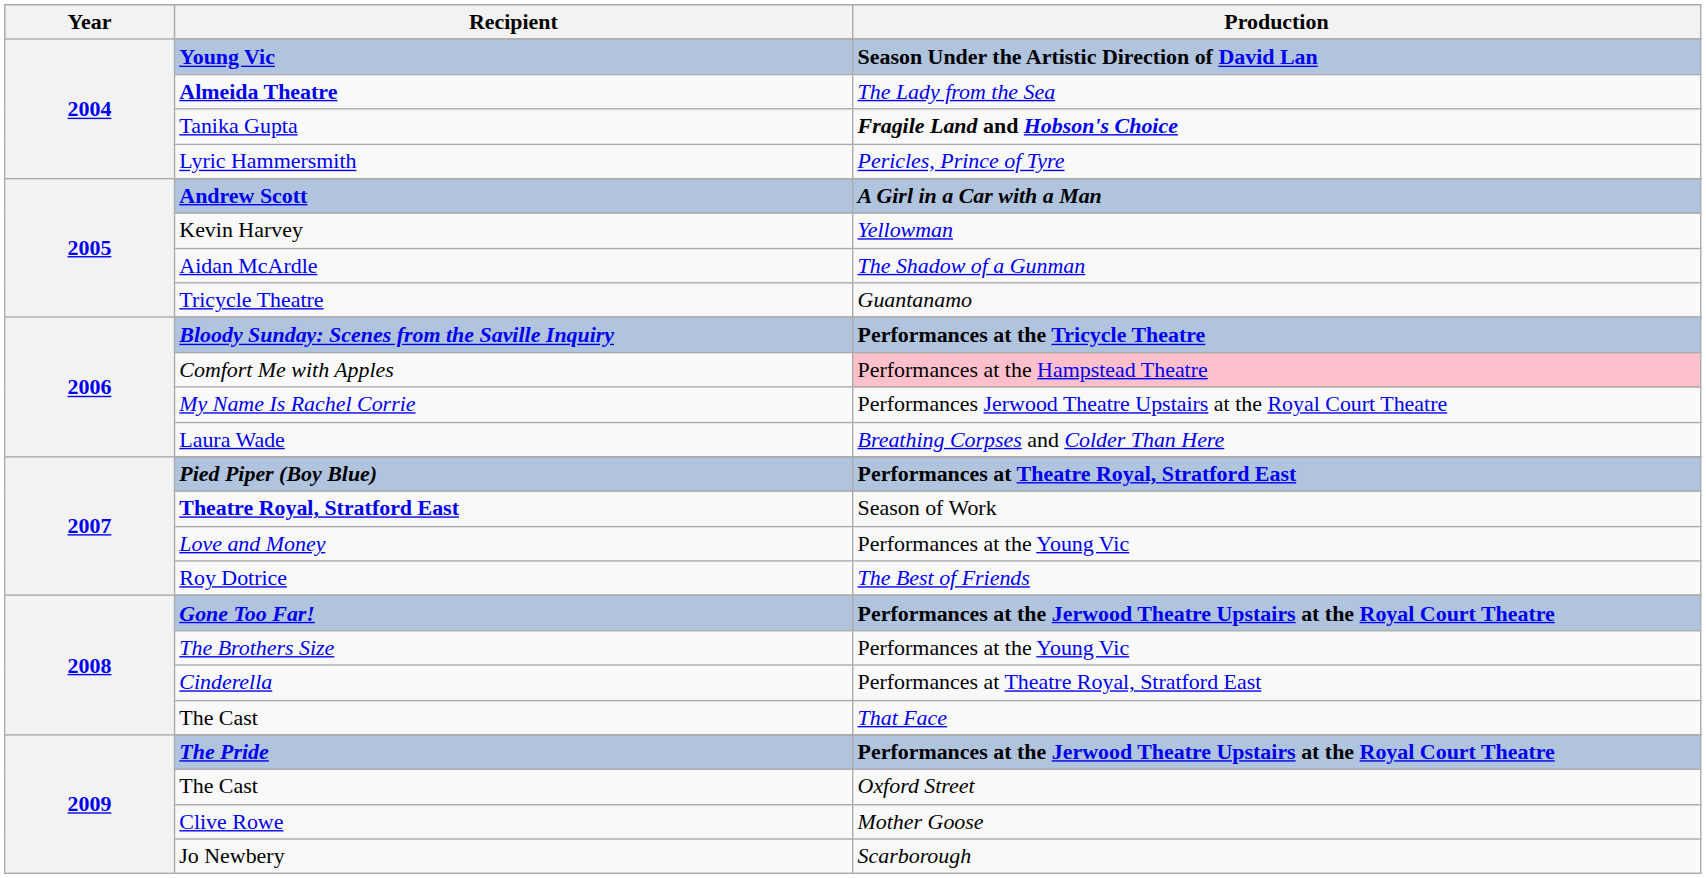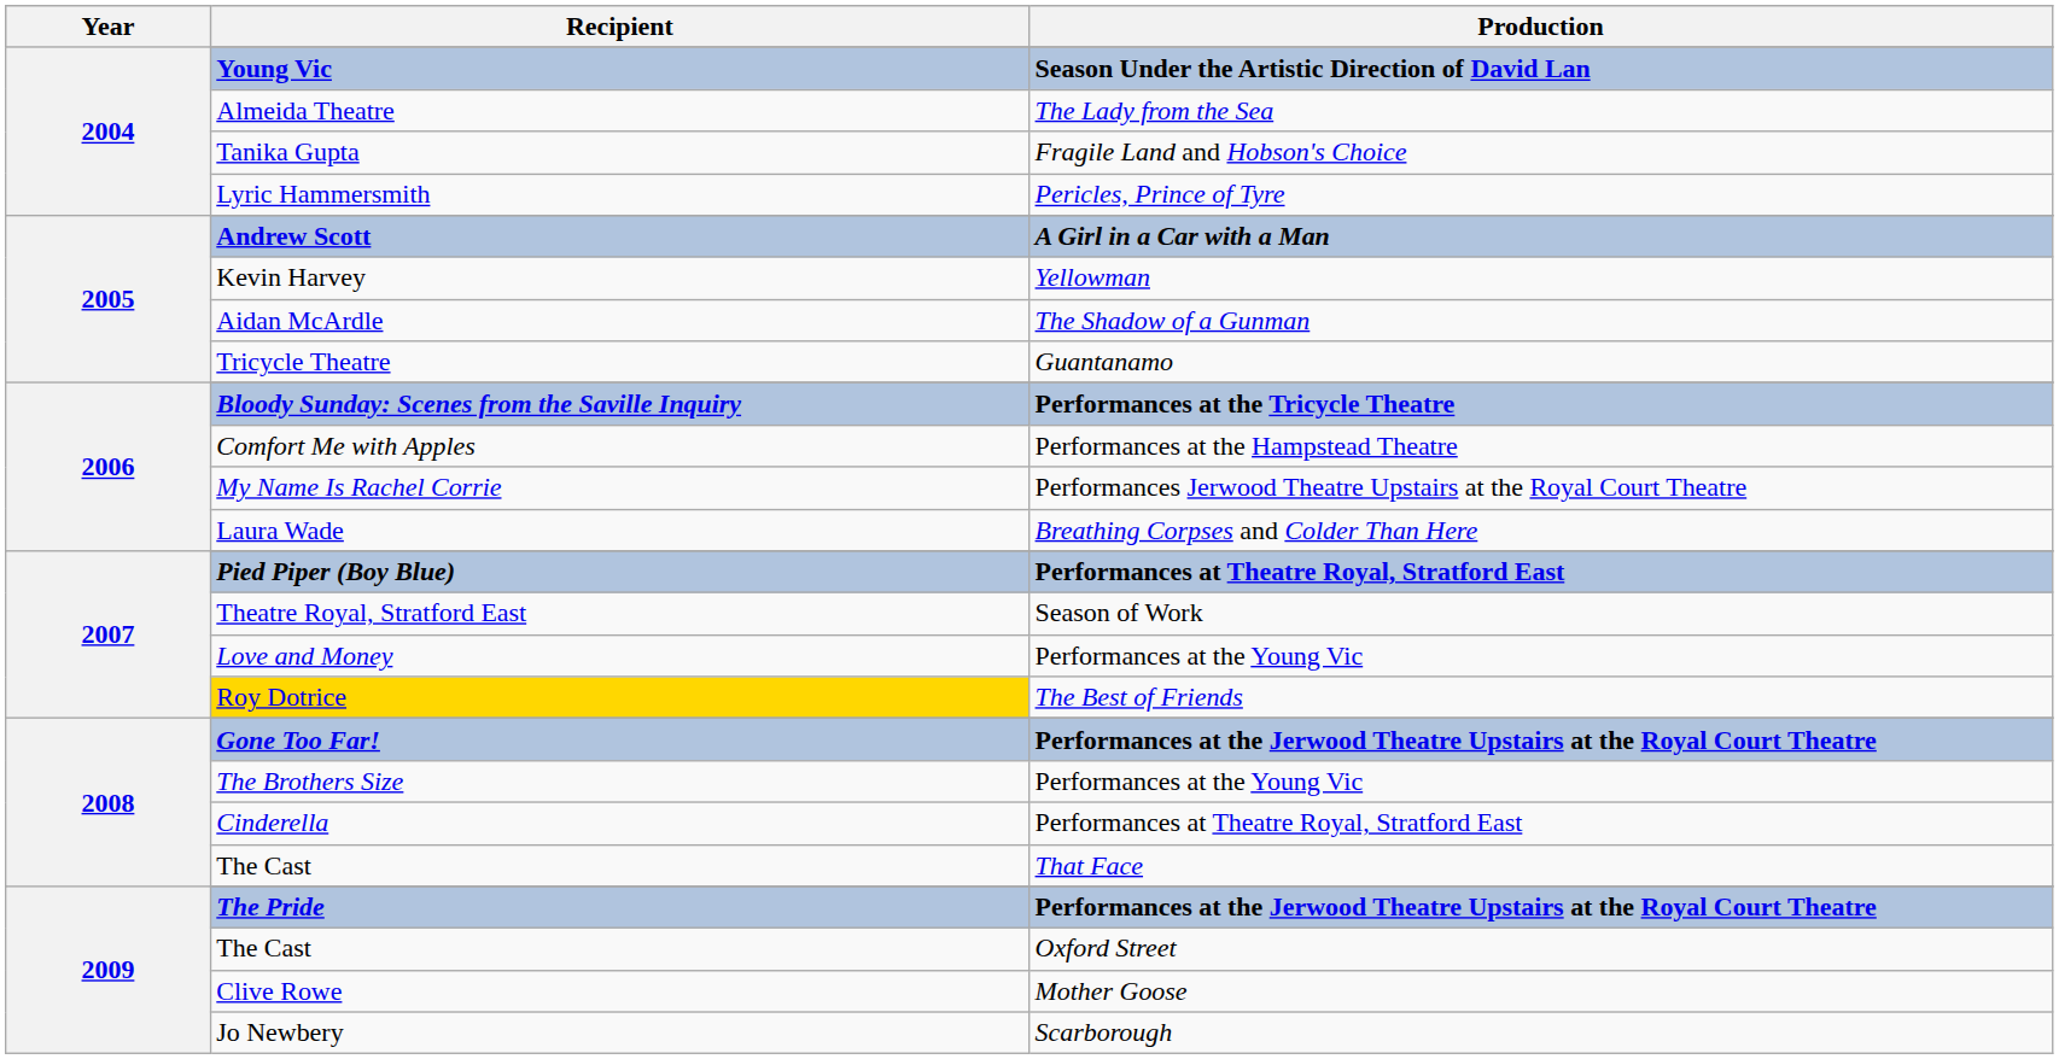 <table class="wikitable" style="width:98%;">
 <tr style="background:#bebebe;">
 <th style="width:10%;">Year</th>
 <th style="width:40%;">Recipient</th>
 <th style="width:50%;">Production</th>
 </tr>
 <tr>
 <th rowspan="5" align="center"><a href='#'>2004</a></th>
 </tr>
 <tr style="background:#B0C4DE">
 <td><strong><a href='#'>Young Vic</a></strong></td>
 <td><strong>Season Under the Artistic Direction of <a href='#'>David Lan</a></strong></td>
 </tr>
 <tr>
-<td><strong><a href='#'>Almeida Theatre</a></strong></td>
+<td><a href='#'>Almeida Theatre</a></td>
 <td><em><a href='#'>The Lady from the Sea</a></em></td>
 </tr>
 <tr>
 <td><a href='#'>Tanika Gupta</a></td>
-<td><strong><em>Fragile Land</em> and <em><a href='#'>Hobson's Choice</a></em></strong></td>
+<td><em>Fragile Land</em> and <em><a href='#'>Hobson's Choice</a></em></td>
 </tr>
 <tr>
 <td><a href='#'>Lyric Hammersmith</a></td>
 <td><em><a href='#'>Pericles, Prince of Tyre</a></em></td>
 </tr>
 <tr>
 <th rowspan="5" align="center"><a href='#'>2005</a></th>
 </tr>
 <tr style="background:#B0C4DE">
 <td><strong><a href='#'>Andrew Scott</a></strong></td>
 <td><strong><em>A Girl in a Car with a Man</em></strong></td>
 </tr>
 <tr>
 <td>Kevin Harvey</td>
 <td><em><a href='#'>Yellowman</a></em></td>
 </tr>
 <tr>
 <td><a href='#'>Aidan McArdle</a></td>
 <td><em><a href='#'>The Shadow of a Gunman</a></em></td>
 </tr>
 <tr>
 <td><a href='#'>Tricycle Theatre</a></td>
 <td><em>Guantanamo</em></td>
 </tr>
 <tr>
 <th rowspan="5" align="center"><a href='#'>2006</a></th>
 </tr>
 <tr style="background:#B0C4DE">
 <td><strong><em><a href='#'>Bloody Sunday: Scenes from the Saville Inquiry</a></em></strong></td>
 <td><strong>Performances at the <a href='#'>Tricycle Theatre</a></strong></td>
 </tr>
 <tr>
 <td><em>Comfort Me with Apples</em></td>
-<td style="background: pink;">Performances at the <a href='#'>Hampstead Theatre</a></td>
+<td>Performances at the <a href='#'>Hampstead Theatre</a></td>
 </tr>
 <tr>
 <td><em><a href='#'>My Name Is Rachel Corrie</a></em></td>
 <td>Performances <a href='#'>Jerwood Theatre Upstairs</a> at the <a href='#'>Royal Court Theatre</a></td>
 </tr>
 <tr>
 <td><a href='#'>Laura Wade</a></td>
 <td><em><a href='#'>Breathing Corpses</a></em> and <em><a href='#'>Colder Than Here</a></em></td>
 </tr>
 <tr>
 <th rowspan="5" align="center"><a href='#'>2007</a></th>
 </tr>
 <tr style="background:#B0C4DE">
 <td><strong><em>Pied Piper (Boy Blue)</em></strong></td>
 <td><strong>Performances at <a href='#'>Theatre Royal, Stratford East</a></strong></td>
 </tr>
 <tr>
-<td><strong><a href='#'>Theatre Royal, Stratford East</a></strong></td>
+<td><a href='#'>Theatre Royal, Stratford East</a></td>
 <td>Season of Work</td>
 </tr>
 <tr>
 <td><em><a href='#'>Love and Money</a></em></td>
 <td>Performances at the <a href='#'>Young Vic</a></td>
 </tr>
 <tr>
-<td><a href='#'>Roy Dotrice</a></td>
+<td style="background: gold;"><a href='#'>Roy Dotrice</a></td>
 <td><em><a href='#'>The Best of Friends</a></em></td>
 </tr>
 <tr>
 <th rowspan="5" align="center"><a href='#'>2008</a></th>
 </tr>
 <tr style="background:#B0C4DE">
 <td><strong><em><a href='#'>Gone Too Far!</a></em></strong></td>
 <td><strong>Performances at the <a href='#'>Jerwood Theatre Upstairs</a> at the <a href='#'>Royal Court Theatre</a></strong></td>
 </tr>
 <tr>
 <td><em><a href='#'>The Brothers Size</a></em></td>
 <td>Performances at the <a href='#'>Young Vic</a></td>
 </tr>
 <tr>
 <td><em><a href='#'>Cinderella</a></em></td>
 <td>Performances at <a href='#'>Theatre Royal, Stratford East</a></td>
 </tr>
 <tr>
 <td>The Cast</td>
 <td><em><a href='#'>That Face</a></em></td>
 </tr>
 <tr>
 <th rowspan="5" align="center"><a href='#'>2009</a></th>
 </tr>
 <tr style="background:#B0C4DE">
 <td><strong><em><a href='#'>The Pride</a></em></strong></td>
 <td><strong>Performances at the <a href='#'>Jerwood Theatre Upstairs</a> at the <a href='#'>Royal Court Theatre</a></strong></td>
 </tr>
 <tr>
 <td>The Cast</td>
 <td><em>Oxford Street</em></td>
 </tr>
 <tr>
 <td><a href='#'>Clive Rowe</a></td>
 <td><em>Mother Goose</em></td>
 </tr>
 <tr>
 <td>Jo Newbery</td>
 <td><em>Scarborough</em></td>
 </tr>
 </table>
